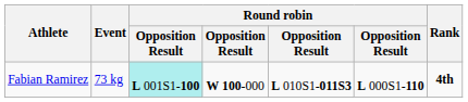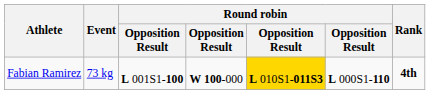 <table class="wikitable" style="font-size:90%">
 <tr>
 <th rowspan="2">Athlete</th>
 <th rowspan="2">Event</th>
 <th colspan="4">Round robin</th>
 <th rowspan="2">Rank</th>
 </tr>
 <tr>
 <th>Opposition<br>Result</th>
 <th>Opposition<br>Result</th>
 <th>Opposition<br>Result</th>
 <th>Opposition<br>Result</th>
 </tr>
 <tr>
 <td><a href='#'>Fabian Ramirez</a></td>
 <td><a href='#'>73 kg</a></td>
-<td align=center style="background: paleturquoise;"><br><strong>L</strong> 001S1-<strong>100</strong></td>
+<td align=center><br><strong>L</strong> 001S1-<strong>100</strong></td>
 <td align=center><br><strong>W</strong> <strong>100</strong>-000</td>
-<td align=center><br><strong>L</strong> 010S1-<strong>011S3</strong></td>
+<td align=center style="background: gold;"><br><strong>L</strong> 010S1-<strong>011S3</strong></td>
 <td align=center><br><strong>L</strong> 000S1-<strong>110</strong></td>
 <td align=center><strong>4th</strong></td>
 </tr>
 </table>
